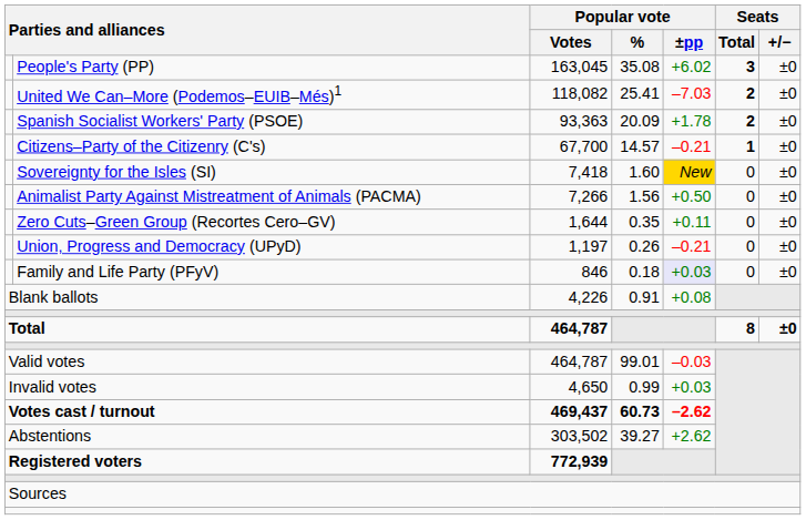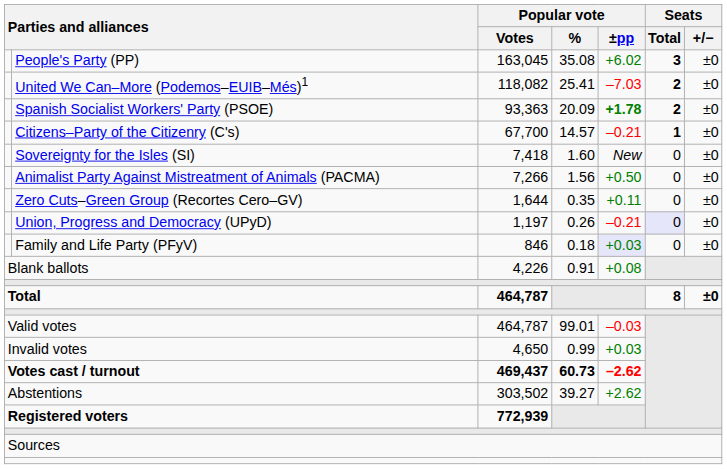 <table class="wikitable" style="text-align:right;">
 <tr>
 <th style="text-align:left;" rowspan="2" colspan="2" width="525">Parties and alliances</th>
 <th colspan="3">Popular vote</th>
 <th colspan="2">Seats</th>
 </tr>
 <tr>
 <th width="75">Votes</th>
 <th width="45">%</th>
 <th width="45">±<a href='#'>pp</a></th>
 <th width="35">Total</th>
 <th width="35">+/−</th>
 </tr>
 <tr>
 <td width="1" style="color:inherit;background:"></td>
 <td align="left"><a href='#'>People's Party</a> (PP)</td>
 <td>163,045</td>
 <td>35.08</td>
 <td style="color:green;">+6.02</td>
 <td><strong>3</strong></td>
 <td>±0</td>
 </tr>
 <tr>
 <td style="color:inherit;background:"></td>
 <td align="left"><a href='#'>United We Can–More</a> (<a href='#'>Podemos</a>–<a href='#'>EUIB</a>–<a href='#'>Més</a>)<sup>1</sup></td>
 <td>118,082</td>
 <td>25.41</td>
 <td style="color:red;">–7.03</td>
 <td><strong>2</strong></td>
 <td>±0</td>
 </tr>
 <tr>
 <td style="color:inherit;background:"></td>
 <td align="left"><a href='#'>Spanish Socialist Workers' Party</a> (PSOE)</td>
 <td>93,363</td>
 <td>20.09</td>
-<td style="color:green;">+1.78</td>
+<td style="color:green;"><strong>+1.78</strong></td>
 <td><strong>2</strong></td>
 <td>±0</td>
 </tr>
 <tr>
 <td style="color:inherit;background:"></td>
 <td align="left"><a href='#'>Citizens–Party of the Citizenry</a> (C's)</td>
 <td>67,700</td>
 <td>14.57</td>
 <td style="color:red;">–0.21</td>
 <td><strong>1</strong></td>
 <td>±0</td>
 </tr>
 <tr>
 <td style="color:inherit;background:"></td>
 <td align="left"><a href='#'>Sovereignty for the Isles</a> (SI)</td>
 <td>7,418</td>
 <td>1.60</td>
-<td style="background: gold;"><em>New</em></td>
+<td><em>New</em></td>
 <td>0</td>
 <td>±0</td>
 </tr>
 <tr>
 <td style="color:inherit;background:"></td>
 <td align="left"><a href='#'>Animalist Party Against Mistreatment of Animals</a> (PACMA)</td>
 <td>7,266</td>
 <td>1.56</td>
 <td style="color:green;">+0.50</td>
 <td>0</td>
 <td>±0</td>
 </tr>
 <tr>
 <td style="color:inherit;background:"></td>
 <td align="left"><a href='#'>Zero Cuts</a>–<a href='#'>Green Group</a> (Recortes Cero–GV)</td>
 <td>1,644</td>
 <td>0.35</td>
 <td style="color:green;">+0.11</td>
 <td>0</td>
 <td>±0</td>
 </tr>
 <tr>
 <td style="color:inherit;background:"></td>
 <td align="left"><a href='#'>Union, Progress and Democracy</a> (UPyD)</td>
 <td>1,197</td>
 <td>0.26</td>
 <td style="color:red;">–0.21</td>
-<td>0</td>
+<td style="background: lavender;">0</td>
 <td>±0</td>
 </tr>
 <tr>
 <td style="color:inherit;background:"></td>
 <td align="left">Family and Life Party (PFyV)</td>
 <td>846</td>
 <td>0.18</td>
 <td style="background: lavender; color:green;">+0.03</td>
 <td>0</td>
 <td>±0</td>
 </tr>
 <tr>
 <td align="left" colspan="2">Blank ballots</td>
 <td>4,226</td>
 <td>0.91</td>
 <td style="color:green;">+0.08</td>
 <td bgcolor="#E9E9E9" colspan="2"></td>
 </tr>
 <tr>
 <td colspan="7" bgcolor="#E9E9E9"></td>
 </tr>
 <tr style="font-weight:bold;">
 <td align="left" colspan="2">Total</td>
 <td>464,787</td>
 <td bgcolor="#E9E9E9" colspan="2"></td>
 <td>8</td>
 <td>±0</td>
 </tr>
 <tr>
 <td colspan="7" bgcolor="#E9E9E9"></td>
 </tr>
 <tr>
 <td align="left" colspan="2">Valid votes</td>
 <td>464,787</td>
 <td>99.01</td>
 <td style="color:red;">–0.03</td>
 <td bgcolor="#E9E9E9" colspan="2" rowspan="5"></td>
 </tr>
 <tr>
 <td align="left" colspan="2">Invalid votes</td>
 <td>4,650</td>
 <td>0.99</td>
 <td style="color:green;">+0.03</td>
 </tr>
 <tr style="font-weight:bold;">
 <td align="left" colspan="2">Votes cast / turnout</td>
 <td>469,437</td>
 <td>60.73</td>
 <td style="color:red;">–2.62</td>
 </tr>
 <tr>
 <td align="left" colspan="2">Abstentions</td>
 <td>303,502</td>
 <td>39.27</td>
 <td style="color:green;">+2.62</td>
 </tr>
 <tr style="font-weight:bold;">
 <td align="left" colspan="2">Registered voters</td>
 <td>772,939</td>
 <td bgcolor="#E9E9E9" colspan="2"></td>
 </tr>
 <tr>
 <td colspan="7" bgcolor="#E9E9E9"></td>
 </tr>
 <tr>
 <td align="left" colspan="7">Sources</td>
 </tr>
 <tr>
 <td colspan="7" style="text-align:left; max-width:790px;"></td>
 </tr>
 </table>
